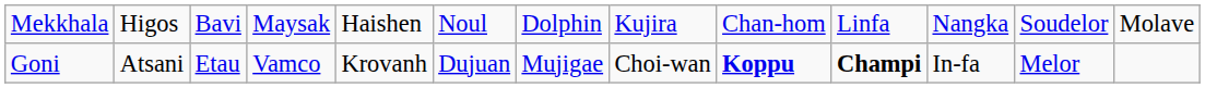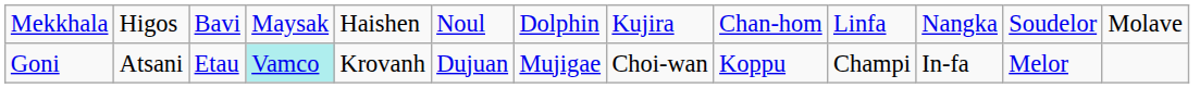 <table class="wikitable">
 <tr>
 <td><a href='#'>Mekkhala</a></td>
 <td>Higos</td>
 <td><a href='#'>Bavi</a></td>
 <td><a href='#'>Maysak</a></td>
 <td>Haishen</td>
 <td><a href='#'>Noul</a></td>
 <td><a href='#'>Dolphin</a></td>
 <td><a href='#'>Kujira</a></td>
 <td><a href='#'>Chan-hom</a></td>
 <td><a href='#'>Linfa</a></td>
 <td><a href='#'>Nangka</a></td>
 <td><a href='#'>Soudelor</a></td>
 <td>Molave</td>
 </tr>
 <tr>
 <td><a href='#'>Goni</a></td>
 <td>Atsani</td>
 <td><a href='#'>Etau</a></td>
-<td><a href='#'>Vamco</a></td>
+<td style="background: paleturquoise;"><a href='#'>Vamco</a></td>
 <td>Krovanh</td>
 <td><a href='#'>Dujuan</a></td>
 <td><a href='#'>Mujigae</a></td>
 <td>Choi-wan</td>
-<td><strong><a href='#'>Koppu</a></strong></td>
-<td><strong>Champi</strong></td>
+<td><a href='#'>Koppu</a></td>
+<td>Champi</td>
 <td>In-fa</td>
 <td><a href='#'>Melor</a></td>
 </tr>
 </table>
